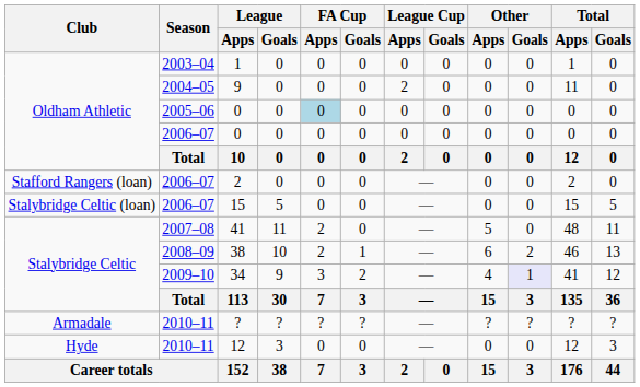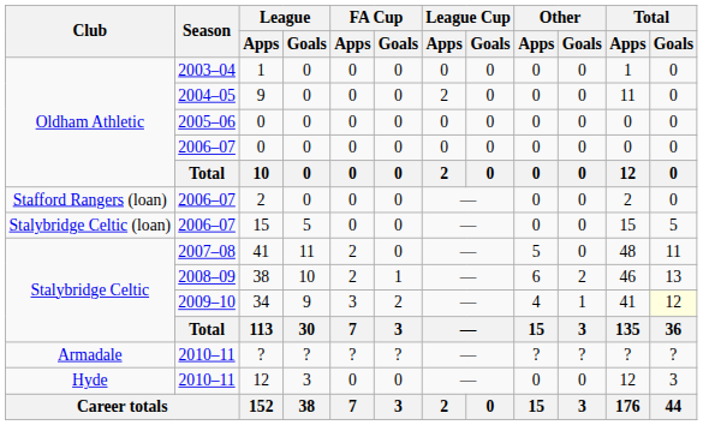 <table class="wikitable" style="text-align: center;">
 <tr>
 <th rowspan="2">Club</th>
 <th rowspan="2">Season</th>
 <th colspan="2">League</th>
 <th colspan="2">FA Cup</th>
 <th colspan="2">League Cup</th>
 <th colspan="2">Other</th>
 <th colspan="2">Total</th>
 </tr>
 <tr>
 <th>Apps</th>
 <th>Goals</th>
 <th>Apps</th>
 <th>Goals</th>
 <th>Apps</th>
 <th>Goals</th>
 <th>Apps</th>
 <th>Goals</th>
 <th>Apps</th>
 <th>Goals</th>
 </tr>
 <tr>
 <td rowspan="5" valign="center"><a href='#'>Oldham Athletic</a></td>
 <td><a href='#'>2003–04</a></td>
 <td>1</td>
 <td>0</td>
 <td>0</td>
 <td>0</td>
 <td>0</td>
 <td>0</td>
 <td>0</td>
 <td>0</td>
 <td>1</td>
 <td>0</td>
 </tr>
 <tr>
 <td><a href='#'>2004–05</a></td>
 <td>9</td>
 <td>0</td>
 <td>0</td>
 <td>0</td>
 <td>2</td>
 <td>0</td>
 <td>0</td>
 <td>0</td>
 <td>11</td>
 <td>0</td>
 </tr>
 <tr>
 <td><a href='#'>2005–06</a></td>
 <td>0</td>
 <td>0</td>
-<td style="background: lightblue;">0</td>
+<td>0</td>
 <td>0</td>
 <td>0</td>
 <td>0</td>
 <td>0</td>
 <td>0</td>
 <td>0</td>
 <td>0</td>
 </tr>
 <tr>
 <td><a href='#'>2006–07</a></td>
 <td>0</td>
 <td>0</td>
 <td>0</td>
 <td>0</td>
 <td>0</td>
 <td>0</td>
 <td>0</td>
 <td>0</td>
 <td>0</td>
 <td>0</td>
 </tr>
 <tr>
 <th>Total</th>
 <th>10</th>
 <th>0</th>
 <th>0</th>
 <th>0</th>
 <th>2</th>
 <th>0</th>
 <th>0</th>
 <th>0</th>
 <th>12</th>
 <th>0</th>
 </tr>
 <tr>
 <td rowspan="1" valign="center"><a href='#'>Stafford Rangers</a> (loan)</td>
 <td><a href='#'>2006–07</a></td>
 <td>2</td>
 <td>0</td>
 <td>0</td>
 <td>0</td>
 <td colspan=2>—</td>
 <td>0</td>
 <td>0</td>
 <td>2</td>
 <td>0</td>
 </tr>
 <tr>
 <td rowspan="1" valign="center"><a href='#'>Stalybridge Celtic</a> (loan)</td>
 <td><a href='#'>2006–07</a></td>
 <td>15</td>
 <td>5</td>
 <td>0</td>
 <td>0</td>
 <td colspan=2>—</td>
 <td>0</td>
 <td>0</td>
 <td>15</td>
 <td>5</td>
 </tr>
 <tr>
 <td rowspan="4" valign="center"><a href='#'>Stalybridge Celtic</a></td>
 <td><a href='#'>2007–08</a></td>
 <td>41</td>
 <td>11</td>
 <td>2</td>
 <td>0</td>
 <td colspan=2>—</td>
 <td>5</td>
 <td>0</td>
 <td>48</td>
 <td>11</td>
 </tr>
 <tr>
 <td><a href='#'>2008–09</a></td>
 <td>38</td>
 <td>10</td>
 <td>2</td>
 <td>1</td>
 <td colspan=2>—</td>
 <td>6</td>
 <td>2</td>
 <td>46</td>
 <td>13</td>
 </tr>
 <tr>
 <td><a href='#'>2009–10</a></td>
 <td>34</td>
 <td>9</td>
 <td>3</td>
 <td>2</td>
 <td colspan=2>—</td>
 <td>4</td>
-<td style="background: lavender;">1</td>
+<td>1</td>
 <td>41</td>
-<td>12</td>
+<td style="background: lightyellow;">12</td>
 </tr>
 <tr>
 <th>Total</th>
 <th>113</th>
 <th>30</th>
 <th>7</th>
 <th>3</th>
 <th colspan=2>—</th>
 <th>15</th>
 <th>3</th>
 <th>135</th>
 <th>36</th>
 </tr>
 <tr>
 <td rowspan="1" valign="center"><a href='#'>Armadale</a></td>
 <td><a href='#'>2010–11</a></td>
 <td>?</td>
 <td>?</td>
 <td>?</td>
 <td>?</td>
 <td colspan=2>—</td>
 <td>?</td>
 <td>?</td>
 <td>?</td>
 <td>?</td>
 </tr>
 <tr>
 <td rowspan="1" valign="center"><a href='#'>Hyde</a></td>
 <td><a href='#'>2010–11</a></td>
 <td>12</td>
 <td>3</td>
 <td>0</td>
 <td>0</td>
 <td colspan=2>—</td>
 <td>0</td>
 <td>0</td>
 <td>12</td>
 <td>3</td>
 </tr>
 <tr>
 <th colspan="2">Career totals</th>
 <th>152</th>
 <th>38</th>
 <th>7</th>
 <th>3</th>
 <th>2</th>
 <th>0</th>
 <th>15</th>
 <th>3</th>
 <th>176</th>
 <th>44</th>
 </tr>
 </table>
